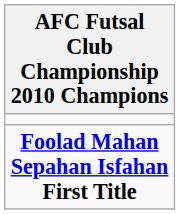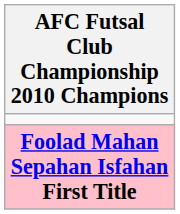 <table class="wikitable" style="text-align: center; margin: 0 auto; width: 20%">
 <tr>
 <th>AFC Futsal Club Championship <br>2010 Champions</th>
 </tr>
 <tr>
 <td></td>
 </tr>
 <tr>
-<td><strong><a href='#'>Foolad Mahan Sepahan Isfahan</a></strong><br><strong>First Title</strong></td>
+<td style="background: pink;"><strong><a href='#'>Foolad Mahan Sepahan Isfahan</a></strong><br><strong>First Title</strong></td>
 </tr>
 </table>
